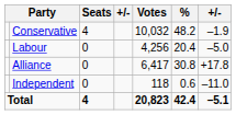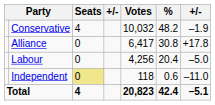 <table class="wikitable sortable">
 <tr>
 <th colspan="2">Party</th>
 <th>Seats</th>
 <th>+/-</th>
 <th>Votes</th>
 <th>%</th>
 <th>+/-</th>
 </tr>
 <tr>
 <td style="background-color: "></td>
 <td><a href='#'>Conservative</a></td>
 <td>4</td>
 <td></td>
 <td style="text-align:right;">10,032</td>
 <td style="text-align:right;">48.2</td>
 <td style="text-align:right;">–1.9</td>
 </tr>
 <tr>
 <td style="background-color: "></td>
+<td><a href='#'>Alliance</a></td>
+<td>0</td>
+<td></td>
+<td style="text-align:right;">6,417</td>
+<td style="text-align:right;">30.8</td>
+<td style="text-align:right;">+17.8</td>
+</tr>
+<tr>
+<td style="background-color: "></td>
 <td><a href='#'>Labour</a></td>
 <td>0</td>
 <td></td>
 <td style="text-align:right;">4,256</td>
 <td style="text-align:right;">20.4</td>
 <td style="text-align:right;">–5.0</td>
 </tr>
 <tr>
 <td style="background-color: "></td>
-<td><a href='#'>Alliance</a></td>
-<td>0</td>
-<td></td>
-<td style="text-align:right;">6,417</td>
-<td style="text-align:right;">30.8</td>
-<td style="text-align:right;">+17.8</td>
-</tr>
-<tr>
-<td style="background-color: "></td>
 <td><a href='#'>Independent</a></td>
-<td>0</td>
+<td style="background: khaki;">0</td>
 <td></td>
 <td style="text-align:right;">118</td>
 <td style="text-align:right;">0.6</td>
 <td style="text-align:right;">–11.0</td>
 </tr>
 <tr>
 <td colspan="2"><strong>Total</strong></td>
 <td><strong>4</strong></td>
 <td></td>
 <td style="text-align:right;"><strong>20,823</strong></td>
 <td style="text-align:right;"><strong>42.4</strong></td>
 <td style="text-align:right;"><strong>–5.1</strong></td>
 </tr>
 </table>
